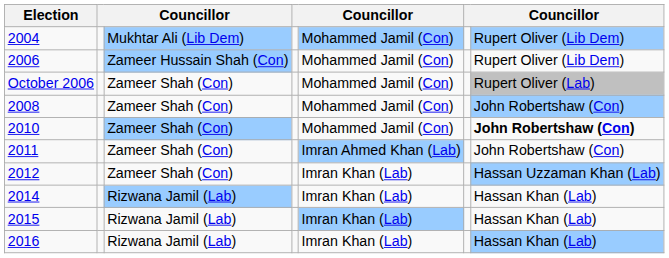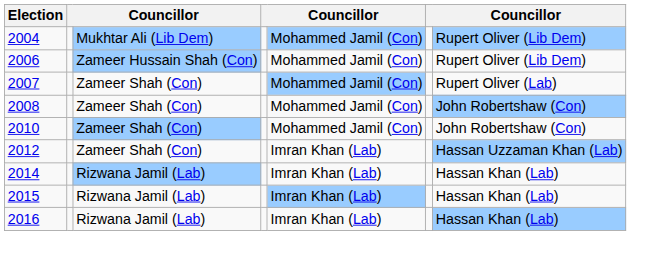 <table class="wikitable">
 <tr>
 <th>Election</th>
 <th colspan="2">Councillor</th>
 <th colspan="2">Councillor</th>
 <th colspan="2">Councillor</th>
 </tr>
 <tr>
 <td><a href='#'>2004</a></td>
 <td style="background-color: "></td>
 <td bgcolor="#99CCFF">Mukhtar Ali (<a href='#'>Lib Dem</a>)</td>
 <td style="background-color: "></td>
 <td bgcolor="#99CCFF">Mohammed Jamil (<a href='#'>Con</a>)</td>
 <td style="background-color: "></td>
 <td bgcolor="#99CCFF">Rupert Oliver (<a href='#'>Lib Dem</a>)</td>
 </tr>
 <tr>
 <td><a href='#'>2006</a></td>
 <td style="background-color: "></td>
 <td bgcolor="#99CCFF">Zameer Hussain Shah (<a href='#'>Con</a>)</td>
 <td style="background-color: "></td>
 <td>Mohammed Jamil (<a href='#'>Con</a>)</td>
 <td style="background-color: "></td>
 <td>Rupert Oliver (<a href='#'>Lib Dem</a>)</td>
 </tr>
 <tr>
-<td><a href='#'>October 2006</a></td>
+<td><a href='#'>2007</a></td>
 <td style="background-color: "></td>
-<td>Zameer  Shah (<a href='#'>Con</a>)</td>
+<td>Zameer Shah (<a href='#'>Con</a>)</td>
 <td style="background-color: "></td>
-<td>Mohammed Jamil (<a href='#'>Con</a>)</td>
+<td bgcolor="#99CCFF">Mohammed Jamil (<a href='#'>Con</a>)</td>
 <td style="background-color: "></td>
-<td bgcolor="#C0C0C0">Rupert Oliver (<a href='#'>Lab</a>)</td>
+<td>Rupert Oliver (<a href='#'>Lab</a>)</td>
 </tr>
 <tr>
 <td><a href='#'>2008</a></td>
 <td style="background-color: "></td>
 <td>Zameer Shah (<a href='#'>Con</a>)</td>
 <td style="background-color: "></td>
 <td>Mohammed Jamil (<a href='#'>Con</a>)</td>
 <td style="background-color: "></td>
 <td bgcolor="#99CCFF">John Robertshaw (<a href='#'>Con</a>)</td>
 </tr>
 <tr>
 <td><a href='#'>2010</a></td>
 <td style="background-color: "></td>
 <td bgcolor="#99CCFF">Zameer Shah (<a href='#'>Con</a>)</td>
 <td style="background-color: "></td>
 <td>Mohammed Jamil (<a href='#'>Con</a>)</td>
-<td style="background-color: "></td>
-<td><strong>John Robertshaw (<a href='#'>Con</a>)</strong></td>
-</tr>
-<tr>
-<td><a href='#'>2011</a></td>
-<td style="background-color: "></td>
-<td>Zameer Shah (<a href='#'>Con</a>)</td>
-<td style="background-color: "></td>
-<td bgcolor="#99CCFF">Imran Ahmed Khan (<a href='#'>Lab</a>)</td>
 <td style="background-color: "></td>
 <td>John Robertshaw (<a href='#'>Con</a>)</td>
 </tr>
 <tr>
 <td><a href='#'>2012</a></td>
 <td style="background-color: "></td>
 <td>Zameer Shah (<a href='#'>Con</a>)</td>
 <td style="background-color: "></td>
 <td>Imran Khan (<a href='#'>Lab</a>)</td>
 <td style="background-color: "></td>
 <td bgcolor="#99CCFF">Hassan Uzzaman Khan (<a href='#'>Lab</a>)</td>
 </tr>
 <tr>
 <td><a href='#'>2014</a></td>
 <td style="background-color: "></td>
 <td bgcolor="#99CCFF">Rizwana Jamil (<a href='#'>Lab</a>)</td>
 <td style="background-color: "></td>
 <td>Imran Khan (<a href='#'>Lab</a>)</td>
 <td style="background-color: "></td>
 <td>Hassan Khan (<a href='#'>Lab</a>)</td>
 </tr>
 <tr>
 <td><a href='#'>2015</a></td>
 <td style="background-color: "></td>
 <td>Rizwana Jamil (<a href='#'>Lab</a>)</td>
 <td style="background-color: "></td>
 <td bgcolor="#99CCFF">Imran Khan (<a href='#'>Lab</a>)</td>
 <td style="background-color: "></td>
 <td>Hassan Khan (<a href='#'>Lab</a>)</td>
 </tr>
 <tr>
 <td><a href='#'>2016</a></td>
 <td style="background-color: "></td>
 <td>Rizwana Jamil (<a href='#'>Lab</a>)</td>
 <td style="background-color: "></td>
 <td>Imran Khan (<a href='#'>Lab</a>)</td>
 <td style="background-color: "></td>
 <td bgcolor="#99CCFF">Hassan Khan (<a href='#'>Lab</a>)</td>
 </tr>
 </table>
